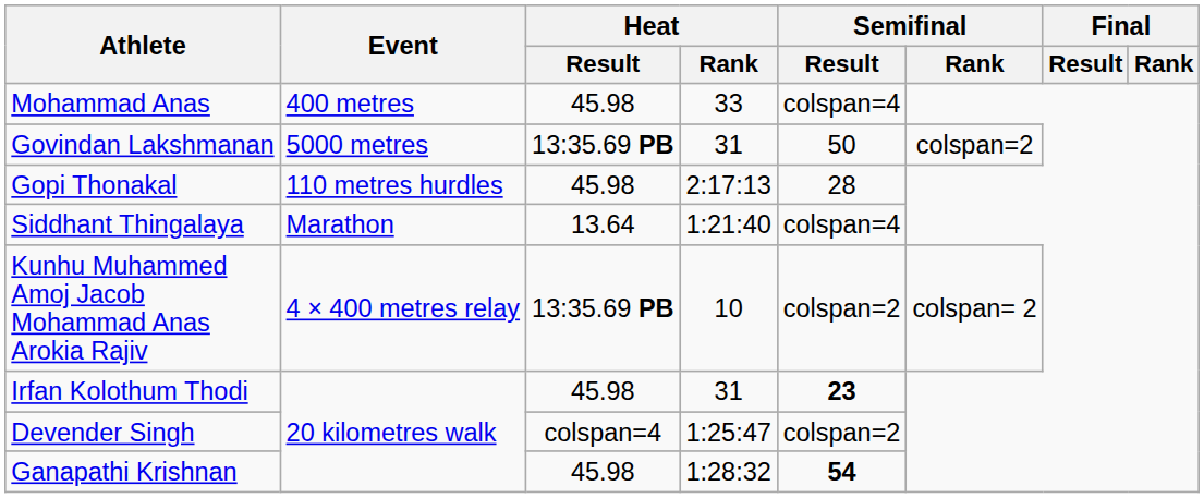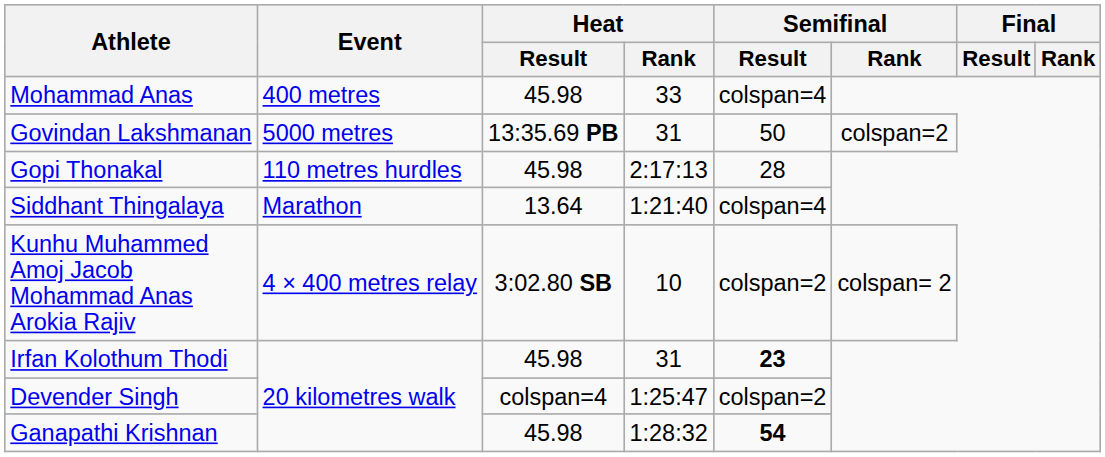 <table class="wikitable" style="font-size:90%">
 <tr>
 <th rowspan="2">Athlete</th>
 <th rowspan="2">Event</th>
 <th colspan="2">Heat</th>
 <th colspan="2">Semifinal</th>
 <th colspan="2">Final</th>
 </tr>
 <tr style="font-size:95%">
 <th>Result</th>
 <th>Rank</th>
 <th>Result</th>
 <th>Rank</th>
 <th>Result</th>
 <th>Rank</th>
 </tr>
 <tr style=text-align:center>
 <td style=text-align:left><a href='#'>Mohammad Anas</a></td>
 <td style=text-align:left><a href='#'>400 metres</a></td>
 <td>45.98</td>
 <td>33</td>
 <td>colspan=4 </td>
 </tr>
 <tr style=text-align:center>
 <td style=text-align:left><a href='#'>Govindan Lakshmanan</a></td>
 <td style=text-align:left><a href='#'>5000 metres</a></td>
 <td>13:35.69 <strong>PB</strong></td>
 <td>31</td>
 <td>50</td>
 <td>colspan=2 </td>
 </tr>
 <tr style=text-align:center>
 <td style=text-align:left><a href='#'>Gopi Thonakal</a></td>
 <td style=text-align:left><a href='#'>110 metres hurdles</a></td>
 <td>45.98</td>
 <td>2:17:13</td>
 <td>28</td>
 </tr>
 <tr style=text-align:center>
 <td style=text-align:left><a href='#'>Siddhant Thingalaya</a></td>
 <td style=text-align:left><a href='#'>Marathon</a></td>
 <td>13.64</td>
 <td>1:21:40</td>
 <td>colspan=4 </td>
 </tr>
 <tr style=text-align:center>
 <td style=text-align:left><a href='#'>Kunhu Muhammed</a><br><a href='#'>Amoj Jacob</a><br><a href='#'>Mohammad Anas</a><br><a href='#'>Arokia Rajiv</a></td>
 <td style=text-align:left><a href='#'>4 × 400 metres relay</a></td>
-<td>13:35.69 <strong>PB</strong></td>
+<td>3:02.80 <strong>SB</strong></td>
 <td>10</td>
 <td>colspan=2 </td>
 <td>colspan= 2 </td>
 </tr>
 <tr style=text-align:center>
 <td style=text-align:left><a href='#'>Irfan Kolothum Thodi</a></td>
 <td style=text-align:left rowspan=3><a href='#'>20 kilometres walk</a></td>
 <td>45.98</td>
 <td>31</td>
 <td><strong>23</strong></td>
 </tr>
 <tr style=text-align:center>
 <td style=text-align:left><a href='#'>Devender Singh</a></td>
 <td>colspan=4 </td>
 <td>1:25:47</td>
 <td>colspan=2 </td>
 </tr>
 <tr style=text-align:center>
 <td style=text-align:left><a href='#'>Ganapathi Krishnan</a></td>
 <td>45.98</td>
 <td>1:28:32</td>
 <td><strong>54</strong></td>
 </tr>
 </table>
